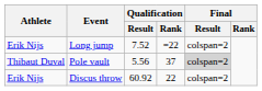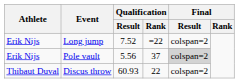 <table class=wikitable style="font-size:90%; text-align:center">
 <tr>
 <th rowspan=2>Athlete</th>
 <th rowspan=2>Event</th>
 <th colspan=2>Qualification</th>
 <th colspan=2>Final</th>
 </tr>
 <tr style=font-size:95%>
 <th>Result</th>
 <th>Rank</th>
 <th>Result</th>
 <th>Rank</th>
 </tr>
 <tr>
 <td align=left><a href='#'>Erik Nijs</a></td>
 <td align=left><a href='#'>Long jump</a></td>
 <td>7.52</td>
 <td>=22</td>
 <td>colspan=2 </td>
 </tr>
 <tr>
-<td align=left><a href='#'>Thibaut Duval</a></td>
+<td align=left><a href='#'>Erik Nijs</a></td>
 <td align=left><a href='#'>Pole vault</a></td>
 <td>5.56</td>
 <td>37</td>
 <td style="background: lightgrey;">colspan=2 </td>
 </tr>
 <tr>
-<td align=left><a href='#'>Erik Nijs</a></td>
+<td align=left><a href='#'>Thibaut Duval</a></td>
 <td align=left><a href='#'>Discus throw</a></td>
-<td>60.92</td>
+<td>60.93</td>
 <td>22</td>
 <td>colspan=2 </td>
 </tr>
 </table>
